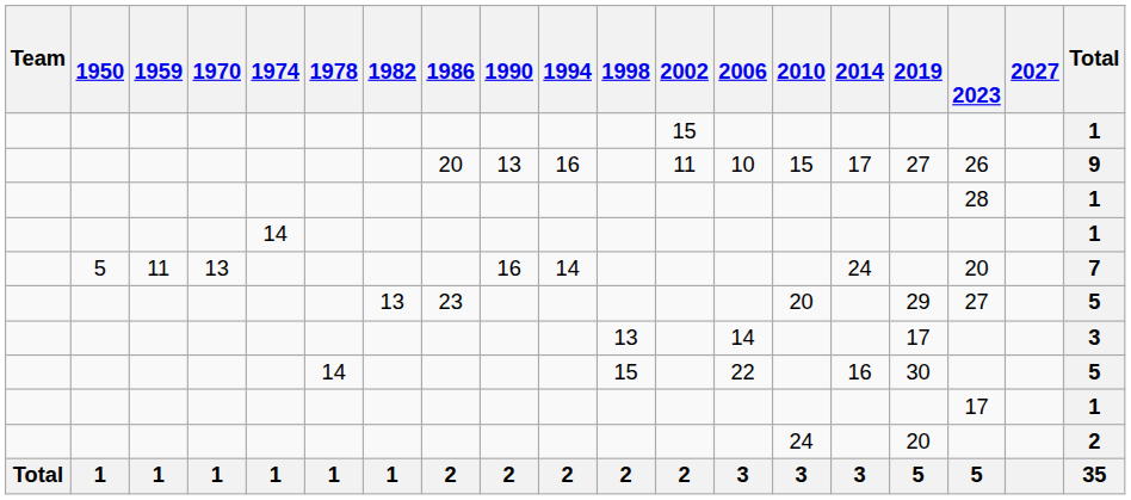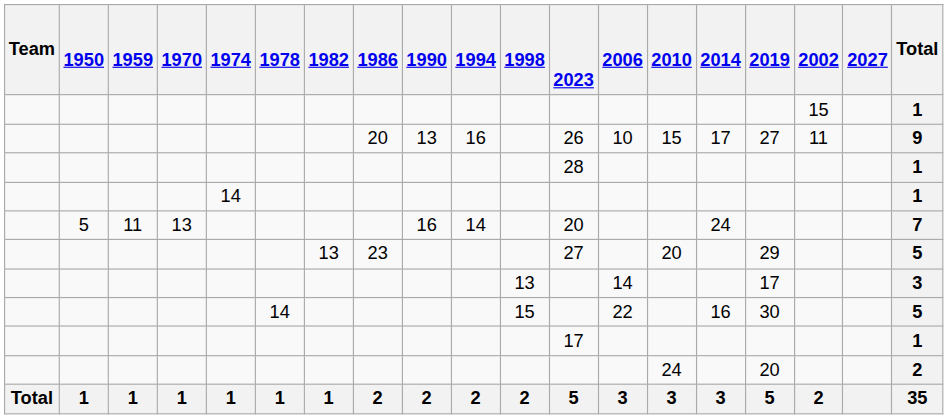 <table class="wikitable" style="text-align:center;">
 <tr bgcolor=>
 <th>Team</th>
 <th><br><a href='#'>1950</a></th>
 <th><br><a href='#'>1959</a></th>
 <th><br><a href='#'>1970</a></th>
 <th><br><a href='#'>1974</a></th>
 <th><br><a href='#'>1978</a></th>
 <th><br><a href='#'>1982</a></th>
 <th><br><a href='#'>1986</a></th>
 <th><br><a href='#'>1990</a></th>
 <th><br><a href='#'>1994</a></th>
 <th><br><a href='#'>1998</a></th>
-<th><br><a href='#'>2002</a></th>
+<th><br><br><br><a href='#'>2023</a></th>
 <th><br><a href='#'>2006</a></th>
 <th><br><a href='#'>2010</a></th>
 <th><br><a href='#'>2014</a></th>
 <th><br><a href='#'>2019</a></th>
-<th><br><br><br><a href='#'>2023</a></th>
+<th><br><a href='#'>2002</a></th>
 <th><br><a href='#'>2027</a></th>
 <th>Total</th>
-</tr>
-<tr>
-<td align=left></td>
-<td></td>
-<td></td>
-<td></td>
-<td></td>
-<td></td>
-<td></td>
-<td></td>
-<td></td>
-<td></td>
-<td></td>
-<td>15</td>
-<td></td>
-<td></td>
-<td></td>
-<td></td>
-<td></td>
-<td></td>
-<th>1</th>
-</tr>
-<tr>
-<td align=left></td>
-<td></td>
-<td></td>
-<td></td>
-<td></td>
-<td></td>
-<td></td>
-<td>20</td>
-<td>13</td>
-<td>16</td>
-<td></td>
-<td>11</td>
-<td>10</td>
-<td>15</td>
-<td>17</td>
-<td>27</td>
-<td>26</td>
-<td></td>
-<th>9</th>
 </tr>
 <tr>
 <td align=left></td>
 <td></td>
 <td></td>
 <td></td>
 <td></td>
 <td></td>
 <td></td>
 <td></td>
 <td></td>
 <td></td>
 <td></td>
 <td></td>
 <td></td>
 <td></td>
 <td></td>
 <td></td>
+<td>15</td>
+<td></td>
+<th>1</th>
+</tr>
+<tr>
+<td align=left></td>
+<td></td>
+<td></td>
+<td></td>
+<td></td>
+<td></td>
+<td></td>
+<td>20</td>
+<td>13</td>
+<td>16</td>
+<td></td>
+<td>26</td>
+<td>10</td>
+<td>15</td>
+<td>17</td>
+<td>27</td>
+<td>11</td>
+<td></td>
+<th>9</th>
+</tr>
+<tr>
+<td align=left></td>
+<td></td>
+<td></td>
+<td></td>
+<td></td>
+<td></td>
+<td></td>
+<td></td>
+<td></td>
+<td></td>
+<td></td>
 <td>28</td>
+<td></td>
+<td></td>
+<td></td>
+<td></td>
+<td></td>
 <td></td>
 <th>1</th>
 </tr>
 <tr>
 <td align=left></td>
 <td></td>
 <td></td>
 <td></td>
 <td>14</td>
 <td></td>
 <td></td>
 <td></td>
 <td></td>
 <td></td>
 <td></td>
 <td></td>
 <td></td>
 <td></td>
 <td></td>
 <td></td>
 <td></td>
 <td></td>
 <th>1</th>
 </tr>
 <tr>
 <td align=left></td>
 <td>5</td>
 <td>11</td>
 <td>13</td>
 <td></td>
 <td></td>
 <td></td>
 <td></td>
 <td>16</td>
 <td>14</td>
 <td></td>
-<td></td>
+<td>20</td>
 <td></td>
 <td></td>
 <td>24</td>
 <td></td>
-<td>20</td>
+<td></td>
 <td></td>
 <th>7</th>
 </tr>
 <tr>
 <td align=left></td>
 <td></td>
 <td></td>
 <td></td>
 <td></td>
 <td></td>
 <td>13</td>
 <td>23</td>
 <td></td>
 <td></td>
 <td></td>
-<td></td>
+<td>27</td>
 <td></td>
 <td>20</td>
 <td></td>
 <td>29</td>
-<td>27</td>
+<td></td>
 <td></td>
 <th>5</th>
 </tr>
 <tr>
 <td align=left></td>
 <td></td>
 <td></td>
 <td></td>
 <td></td>
 <td></td>
 <td></td>
 <td></td>
 <td></td>
 <td></td>
 <td>13</td>
 <td></td>
 <td>14</td>
 <td></td>
 <td></td>
 <td>17</td>
 <td></td>
 <td></td>
 <th>3</th>
 </tr>
 <tr>
 <td align=left></td>
 <td></td>
 <td></td>
 <td></td>
 <td></td>
 <td>14</td>
 <td></td>
 <td></td>
 <td></td>
 <td></td>
 <td>15</td>
 <td></td>
 <td>22</td>
 <td></td>
 <td>16</td>
 <td>30</td>
 <td></td>
 <td></td>
 <th>5</th>
 </tr>
 <tr>
 <td align=left></td>
 <td></td>
 <td></td>
 <td></td>
 <td></td>
 <td></td>
 <td></td>
 <td></td>
 <td></td>
 <td></td>
 <td></td>
+<td>17</td>
 <td></td>
 <td></td>
 <td></td>
 <td></td>
 <td></td>
-<td>17</td>
 <td></td>
 <th>1</th>
 </tr>
 <tr>
 <td align=left></td>
 <td></td>
 <td></td>
 <td></td>
 <td></td>
 <td></td>
 <td></td>
 <td></td>
 <td></td>
 <td></td>
 <td></td>
 <td></td>
 <td></td>
 <td>24</td>
 <td></td>
 <td>20</td>
 <td></td>
 <td></td>
 <th>2</th>
 </tr>
 <tr>
 <th align=left>Total</th>
 <th>1</th>
 <th>1</th>
 <th>1</th>
 <th>1</th>
 <th>1</th>
 <th>1</th>
 <th>2</th>
 <th>2</th>
 <th>2</th>
 <th>2</th>
-<th>2</th>
+<th>5</th>
 <th>3</th>
 <th>3</th>
 <th>3</th>
 <th>5</th>
-<th>5</th>
+<th>2</th>
 <th></th>
 <th>35</th>
 </tr>
 </table>
